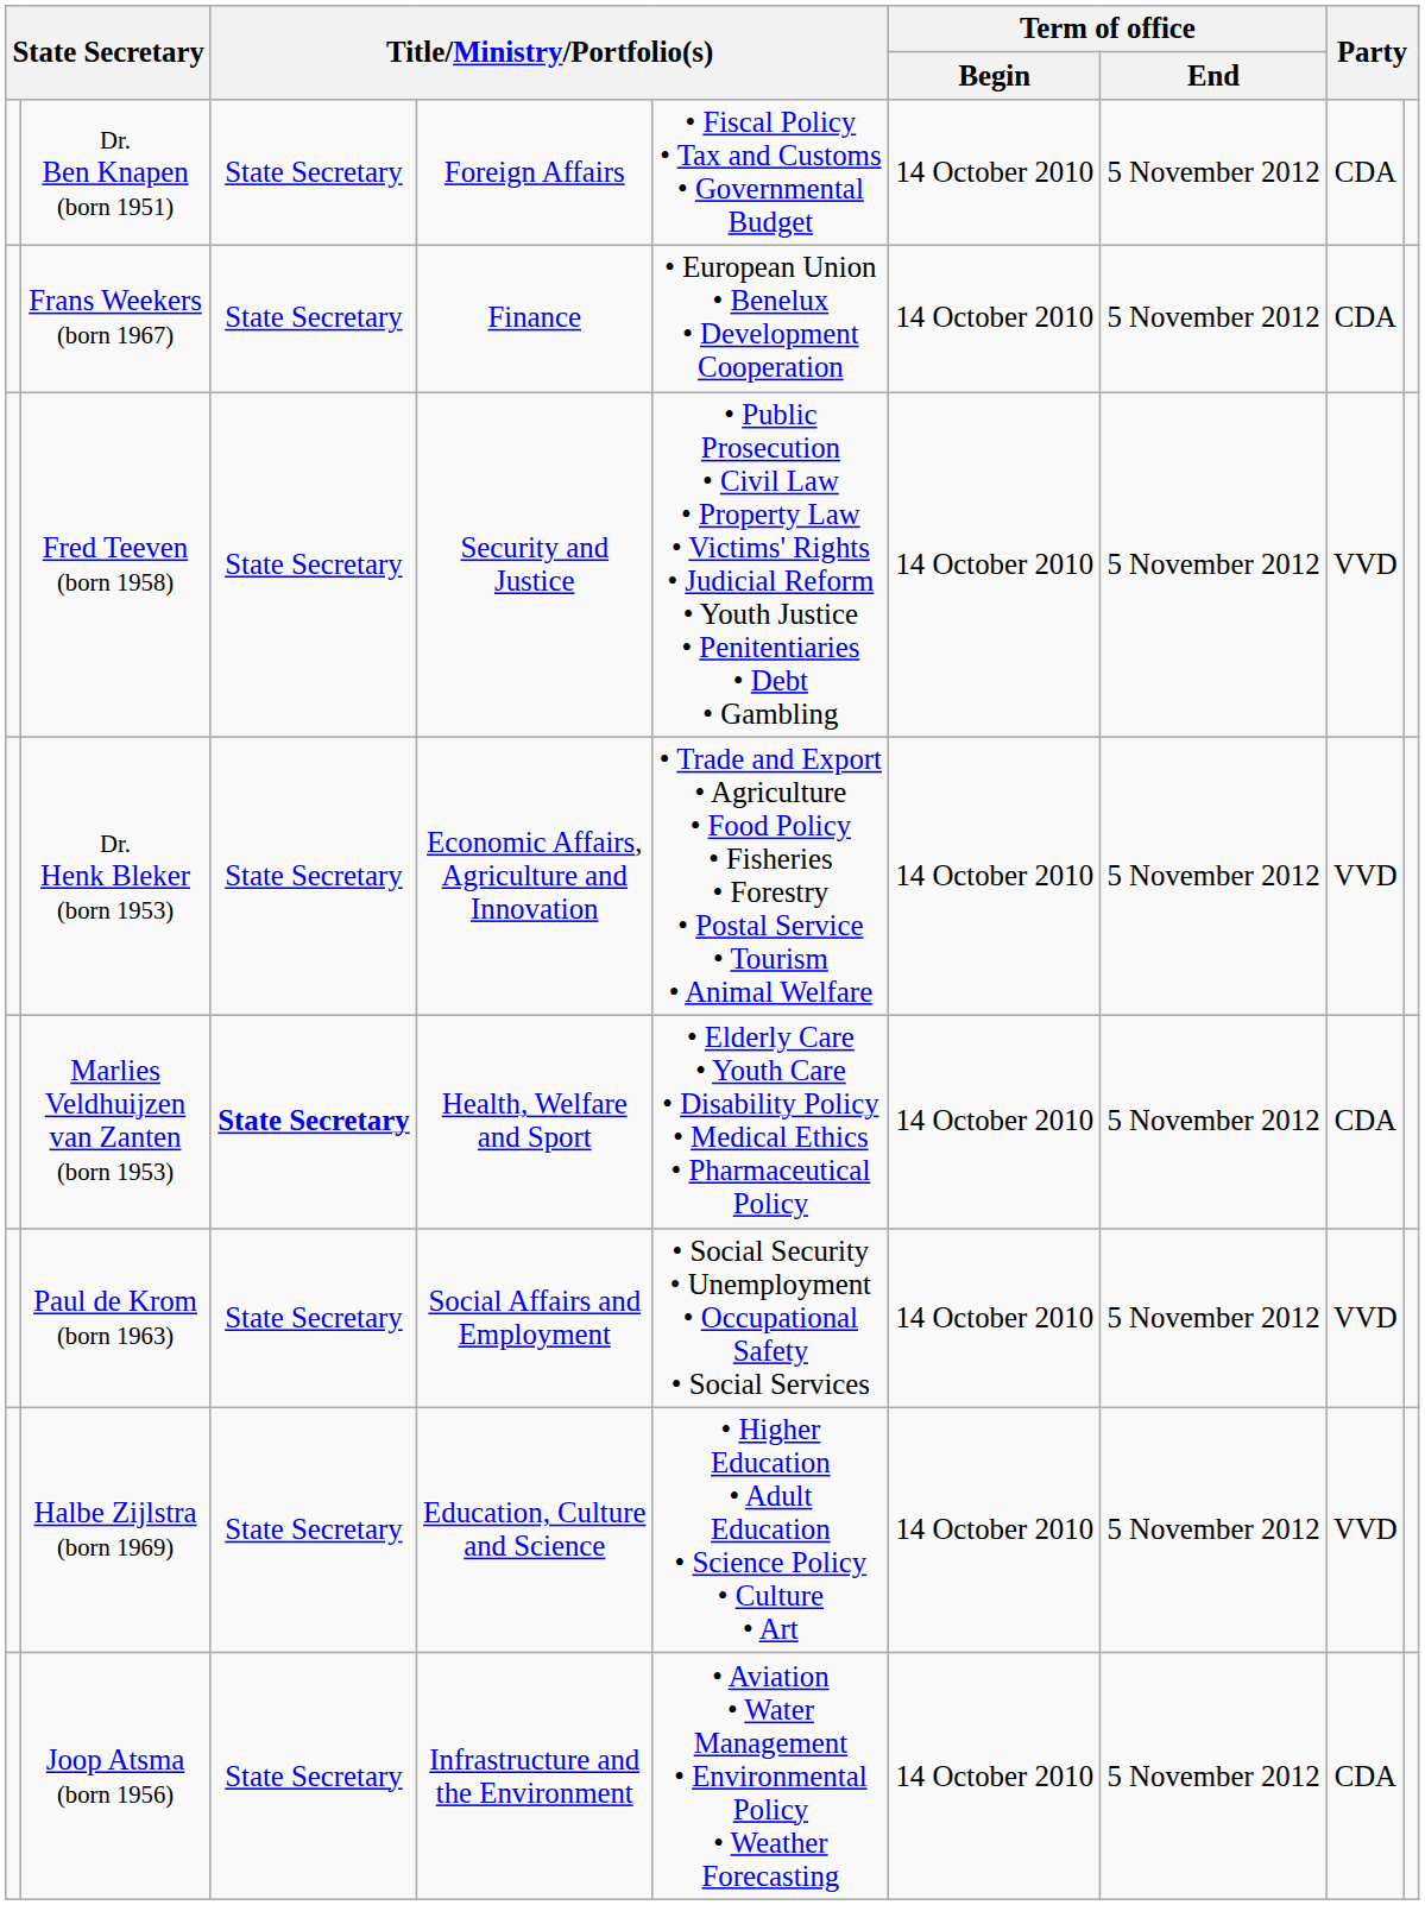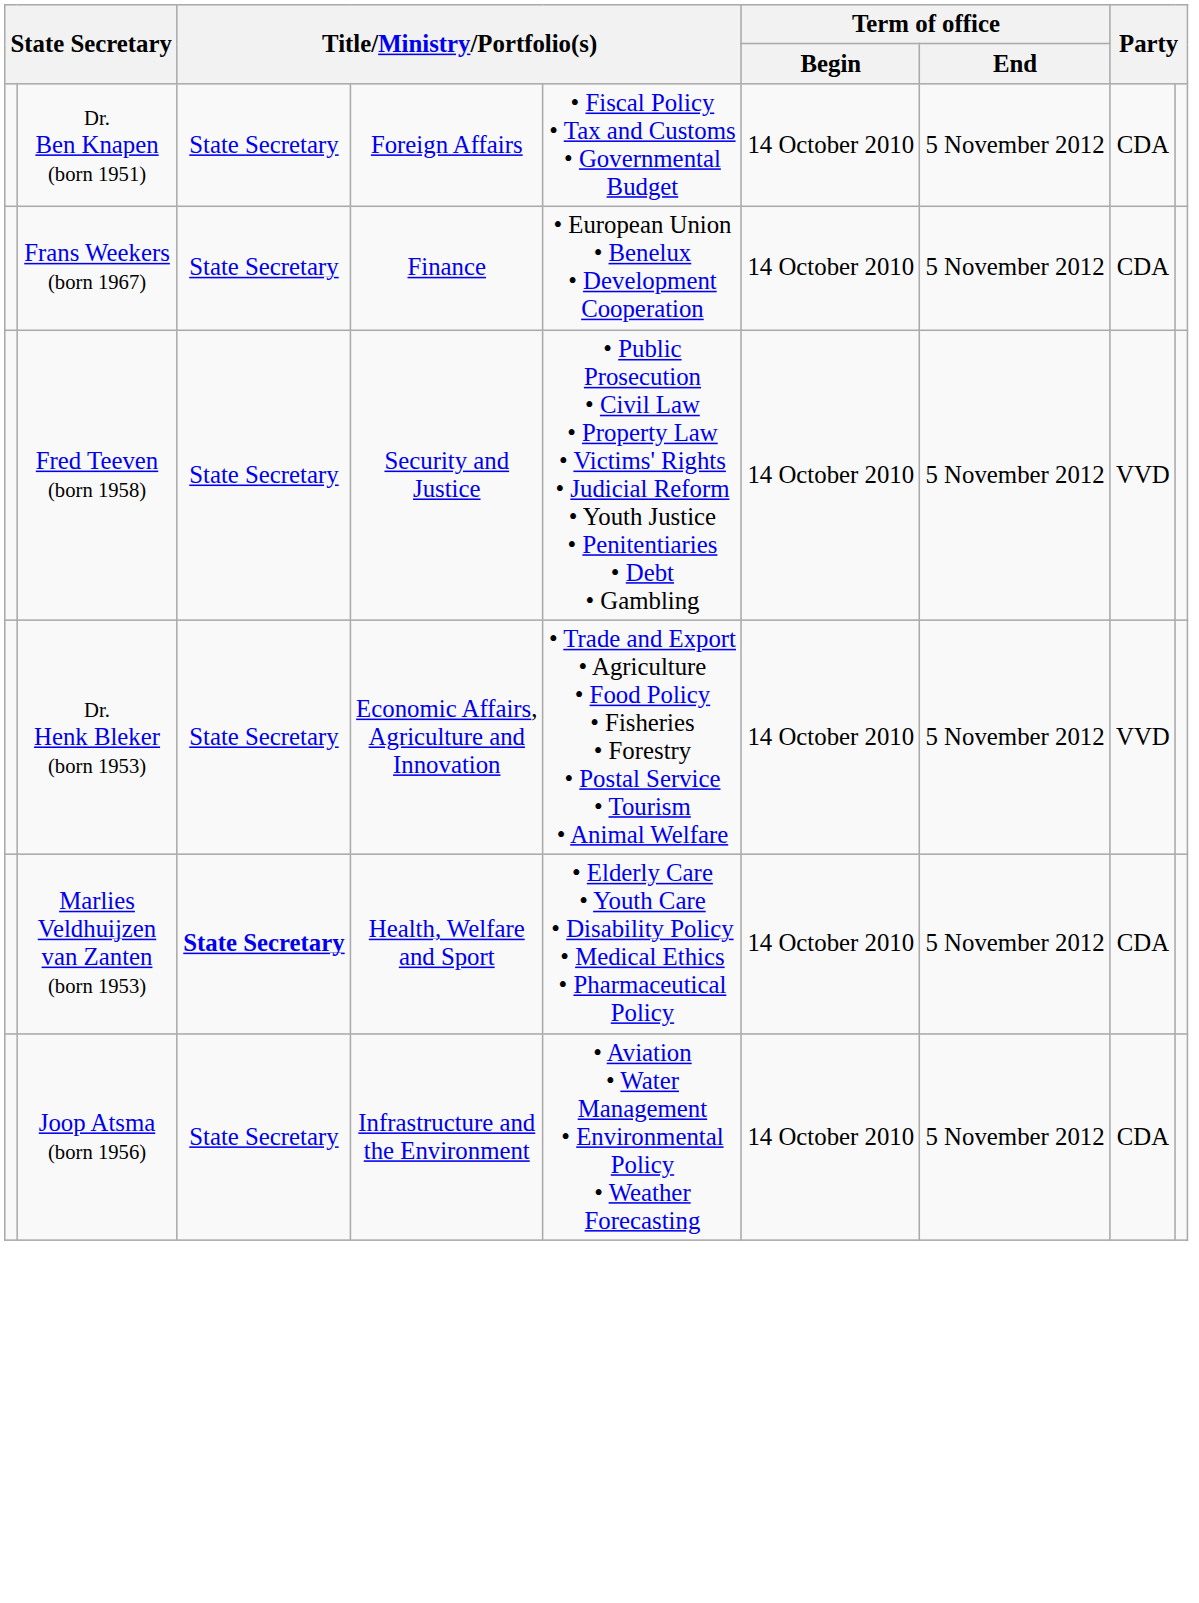 <table class="wikitable sortable" style="text-align:center">
 <tr>
 <th colspan=2 rowspan=2>State Secretary</th>
 <th colspan=3 rowspan=2>Title/<a href='#'>Ministry</a>/Portfolio(s)</th>
 <th class=unsortable colspan="2">Term of office</th>
 <th rowspan=2 colspan=2>Party</th>
 </tr>
 <tr>
 <th data-sort-type=date>Begin</th>
 <th data-sort-type=date>End</th>
 </tr>
 <tr>
 <td></td>
 <td><small>Dr.</small> <br> <a href='#'>Ben Knapen</a> <br> <small>(born 1951)</small></td>
 <td><a href='#'>State Secretary</a> <br> </td>
 <td><a href='#'>Foreign Affairs</a></td>
 <td>• <a href='#'>Fiscal Policy</a> <br> • <a href='#'>Tax and Customs</a> <br> • <a href='#'>Governmental <br> Budget</a></td>
 <td>14 October 2010</td>
 <td>5 November 2012</td>
 <td>CDA</td>
 <td style="background:"></td>
 </tr>
 <tr>
 <td></td>
 <td><a href='#'>Frans Weekers</a> <br> <small>(born 1967)</small></td>
 <td><a href='#'>State Secretary</a></td>
 <td><a href='#'>Finance</a></td>
 <td>• European Union <br> • <a href='#'>Benelux</a> <br> • <a href='#'>Development <br> Cooperation</a></td>
 <td>14 October 2010</td>
 <td>5 November 2012</td>
 <td>CDA</td>
 <td style="background:"></td>
 </tr>
 <tr>
 <td></td>
 <td><a href='#'>Fred Teeven</a> <br> <small>(born 1958)</small></td>
 <td><a href='#'>State Secretary</a> <br> </td>
 <td><a href='#'>Security and <br> Justice</a></td>
 <td>• <a href='#'>Public <br> Prosecution</a> <br> • <a href='#'>Civil Law</a> <br> • <a href='#'>Property Law</a> <br> • <a href='#'>Victims' Rights</a> <br> • <a href='#'>Judicial Reform</a> <br> • Youth Justice <br> • <a href='#'>Penitentiaries</a> <br> • <a href='#'>Debt</a> <br> • Gambling <br> </td>
 <td>14 October 2010</td>
 <td>5 November 2012</td>
 <td>VVD</td>
 <td style="background:"></td>
 </tr>
 <tr>
 <td></td>
 <td><small>Dr.</small> <br> <a href='#'>Henk Bleker</a> <br> <small>(born 1953)</small></td>
 <td><a href='#'>State Secretary</a> <br> </td>
 <td><a href='#'>Economic Affairs</a>, <br> <a href='#'>Agriculture and <br> Innovation</a></td>
 <td>• <a href='#'>Trade and Export</a> <br> • Agriculture <br> • <a href='#'>Food Policy</a> <br> • Fisheries <br> • Forestry <br> • <a href='#'>Postal Service</a> <br> • <a href='#'>Tourism</a> <br> • <a href='#'>Animal Welfare</a></td>
 <td>14 October 2010</td>
 <td>5 November 2012</td>
 <td>VVD</td>
 <td style="background:"></td>
 </tr>
 <tr>
 <td></td>
 <td><a href='#'>Marlies <br> Veldhuijzen <br> van Zanten</a> <br> <small>(born 1953)</small></td>
 <td><strong><a href='#'>State Secretary</a></strong></td>
 <td><a href='#'>Health, Welfare <br> and Sport</a></td>
 <td>• <a href='#'>Elderly Care</a> <br> • <a href='#'>Youth Care</a> <br> • <a href='#'>Disability Policy</a> <br> • <a href='#'>Medical Ethics</a> <br> • <a href='#'>Pharmaceutical <br> Policy</a></td>
 <td>14 October 2010</td>
 <td>5 November 2012</td>
 <td>CDA</td>
 <td style="background:"></td>
 </tr>
 <tr>
 <td></td>
-<td><a href='#'>Paul de Krom</a> <br> <small>(born 1963)</small></td>
-<td><a href='#'>State Secretary</a></td>
-<td><a href='#'>Social Affairs and <br> Employment</a></td>
-<td>• Social Security <br> • Unemployment <br> • <a href='#'>Occupational <br> Safety</a> <br> • Social Services</td>
-<td>14 October 2010</td>
-<td>5 November 2012</td>
-<td>VVD</td>
-<td style="background:"></td>
-</tr>
-<tr>
-<td></td>
-<td><a href='#'>Halbe Zijlstra</a> <br> <small>(born 1969)</small></td>
-<td><a href='#'>State Secretary</a></td>
-<td><a href='#'>Education, Culture <br> and Science</a></td>
-<td>• <a href='#'>Higher <br> Education</a> <br> • <a href='#'>Adult <br> Education</a> <br> • <a href='#'>Science Policy</a> <br> • <a href='#'>Culture</a> <br> • <a href='#'>Art</a></td>
-<td>14 October 2010</td>
-<td>5 November 2012</td>
-<td>VVD</td>
-<td style="background:"></td>
-</tr>
-<tr>
-<td></td>
 <td><a href='#'>Joop Atsma</a> <br> <small>(born 1956)</small></td>
 <td><a href='#'>State Secretary</a></td>
 <td><a href='#'>Infrastructure and <br> the Environment</a></td>
 <td>• <a href='#'>Aviation</a> <br> • <a href='#'>Water <br> Management</a> <br> • <a href='#'>Environmental <br> Policy</a> <br> • <a href='#'>Weather <br> Forecasting</a></td>
 <td>14 October 2010</td>
 <td>5 November 2012</td>
 <td>CDA</td>
 <td style="background:"></td>
 </tr>
 </table>
